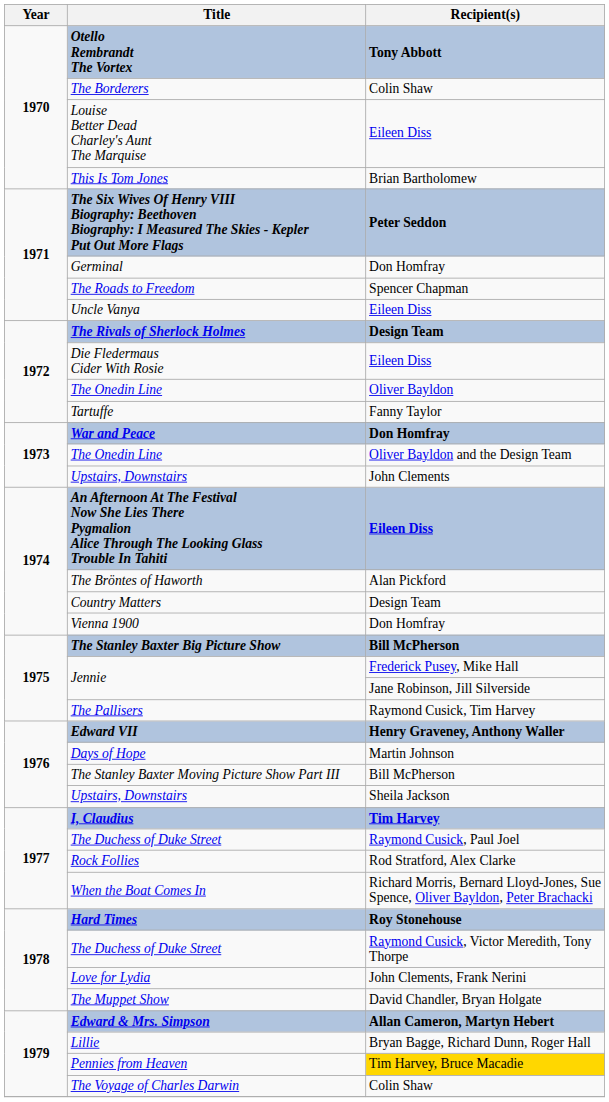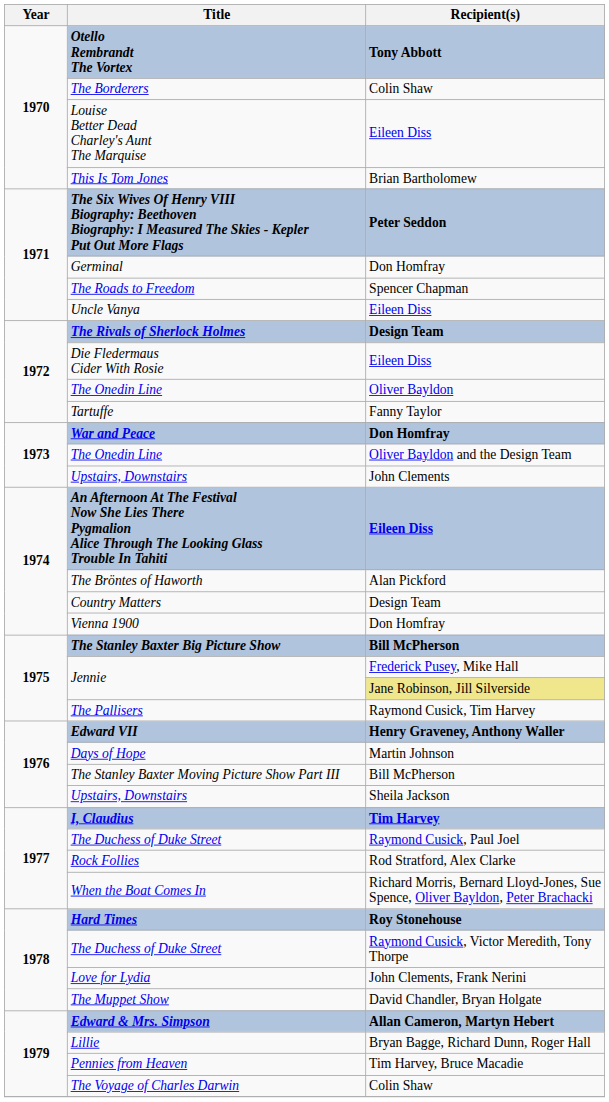 <table class="wikitable" width="80%">
 <tr>
 <th width=5%>Year</th>
 <th width=25%><strong>Title</strong></th>
 <th width=20%><strong>Recipient(s)</strong></th>
 </tr>
 <tr>
 <td rowspan="4" style="text-align:center;"><strong>1970</strong></td>
 <td style="background:#B0C4DE;"><strong><em>Otello<br>Rembrandt<br>The Vortex</em></strong></td>
 <td style="background:#B0C4DE;"><strong>Tony Abbott</strong></td>
 </tr>
 <tr>
 <td><em><a href='#'>The Borderers</a></em></td>
 <td>Colin Shaw</td>
 </tr>
 <tr>
 <td><em>Louise<br>Better Dead<br>Charley's Aunt<br>The Marquise</em></td>
 <td><a href='#'>Eileen Diss</a></td>
 </tr>
 <tr>
 <td><em><a href='#'>This Is Tom Jones</a></em></td>
 <td>Brian Bartholomew</td>
 </tr>
 <tr>
 <td rowspan="4" style="text-align:center;"><strong>1971</strong></td>
 <td style="background:#B0C4DE;"><strong><em>The Six Wives Of Henry VIII<br>Biography: Beethoven<br>Biography: I Measured The Skies - Kepler<br>Put Out More Flags</em></strong></td>
 <td style="background:#B0C4DE;"><strong>Peter Seddon</strong></td>
 </tr>
 <tr>
 <td><em>Germinal</em></td>
 <td>Don Homfray</td>
 </tr>
 <tr>
 <td><em><a href='#'>The Roads to Freedom</a></em></td>
 <td>Spencer Chapman</td>
 </tr>
 <tr>
 <td><em>Uncle Vanya</em></td>
 <td><a href='#'>Eileen Diss</a></td>
 </tr>
 <tr>
 <td rowspan="4" style="text-align:center;"><strong>1972</strong></td>
 <td style="background:#B0C4DE;"><strong><em><a href='#'>The Rivals of Sherlock Holmes</a></em></strong></td>
 <td style="background:#B0C4DE;"><strong>Design Team</strong></td>
 </tr>
 <tr>
 <td><em>Die Fledermaus<br>Cider With Rosie</em></td>
 <td><a href='#'>Eileen Diss</a></td>
 </tr>
 <tr>
 <td><em><a href='#'>The Onedin Line</a></em></td>
 <td><a href='#'>Oliver Bayldon</a></td>
 </tr>
 <tr>
 <td><em>Tartuffe</em></td>
 <td>Fanny Taylor</td>
 </tr>
 <tr>
 <td rowspan="3" style="text-align:center;"><strong>1973</strong></td>
 <td style="background:#B0C4DE;"><strong><em><a href='#'>War and Peace</a></em></strong></td>
 <td style="background:#B0C4DE;"><strong>Don Homfray</strong></td>
 </tr>
 <tr>
 <td><em><a href='#'>The Onedin Line</a></em></td>
 <td><a href='#'>Oliver Bayldon</a> and the Design Team</td>
 </tr>
 <tr>
 <td><em><a href='#'>Upstairs, Downstairs</a></em></td>
 <td>John Clements</td>
 </tr>
 <tr>
 <td rowspan="4" style="text-align:center;"><strong>1974</strong></td>
 <td style="background:#B0C4DE;"><strong><em>An Afternoon At The Festival<br>Now She Lies There<br>Pygmalion<br>Alice Through The Looking Glass<br>Trouble In Tahiti</em></strong></td>
 <td style="background:#B0C4DE;"><strong><a href='#'>Eileen Diss</a></strong></td>
 </tr>
 <tr>
 <td><em>The Bröntes of Haworth</em></td>
 <td>Alan Pickford</td>
 </tr>
 <tr>
 <td><em>Country Matters</em></td>
 <td>Design Team</td>
 </tr>
 <tr>
 <td><em>Vienna 1900</em></td>
 <td>Don Homfray</td>
 </tr>
 <tr>
 <td rowspan="4" style="text-align:center;"><strong>1975</strong></td>
 <td style="background:#B0C4DE;"><strong><em>The Stanley Baxter Big Picture Show</em></strong></td>
 <td style="background:#B0C4DE;"><strong>Bill McPherson</strong></td>
 </tr>
 <tr>
 <td rowspan="2"><em>Jennie</em></td>
 <td><a href='#'>Frederick Pusey</a>, Mike Hall</td>
 </tr>
 <tr>
-<td>Jane Robinson, Jill Silverside</td>
+<td style="background: khaki;">Jane Robinson, Jill Silverside</td>
 </tr>
 <tr>
 <td><em><a href='#'>The Pallisers</a></em></td>
 <td>Raymond Cusick, Tim Harvey</td>
 </tr>
 <tr>
 <td rowspan="4" style="text-align:center;"><strong>1976</strong></td>
 <td style="background:#B0C4DE;"><strong><em>Edward VII</em></strong></td>
 <td style="background:#B0C4DE;"><strong>Henry Graveney, Anthony Waller</strong></td>
 </tr>
 <tr>
 <td><em><a href='#'>Days of Hope</a></em></td>
 <td>Martin Johnson</td>
 </tr>
 <tr>
 <td><em>The Stanley Baxter Moving Picture Show Part III</em></td>
 <td>Bill McPherson</td>
 </tr>
 <tr>
 <td><em><a href='#'>Upstairs, Downstairs</a></em></td>
 <td>Sheila Jackson</td>
 </tr>
 <tr>
 <td rowspan="4" style="text-align:center;"><strong>1977</strong></td>
 <td style="background:#B0C4DE;"><strong><em><a href='#'>I, Claudius</a></em></strong></td>
 <td style="background:#B0C4DE;"><strong><a href='#'>Tim Harvey</a></strong></td>
 </tr>
 <tr>
 <td><em><a href='#'>The Duchess of Duke Street</a></em></td>
 <td><a href='#'>Raymond Cusick</a>, Paul Joel</td>
 </tr>
 <tr>
 <td><em><a href='#'>Rock Follies</a></em></td>
 <td>Rod Stratford, Alex Clarke</td>
 </tr>
 <tr>
 <td><em><a href='#'>When the Boat Comes In</a></em></td>
 <td>Richard Morris, Bernard Lloyd-Jones, Sue Spence, <a href='#'>Oliver Bayldon</a>, <a href='#'>Peter Brachacki</a></td>
 </tr>
 <tr>
 <td rowspan="4" style="text-align:center;"><strong>1978</strong></td>
 <td style="background:#B0C4DE;"><strong><em><a href='#'>Hard Times</a></em></strong></td>
 <td style="background:#B0C4DE;"><strong>Roy Stonehouse</strong></td>
 </tr>
 <tr>
 <td><em><a href='#'>The Duchess of Duke Street</a></em></td>
 <td><a href='#'>Raymond Cusick</a>, Victor Meredith, Tony Thorpe</td>
 </tr>
 <tr>
 <td><em><a href='#'>Love for Lydia</a></em></td>
 <td>John Clements, Frank Nerini</td>
 </tr>
 <tr>
 <td><em><a href='#'>The Muppet Show</a></em></td>
 <td>David Chandler, Bryan Holgate</td>
 </tr>
 <tr>
 <td rowspan="4" style="text-align:center;"><strong>1979</strong></td>
 <td style="background:#B0C4DE;"><strong><em><a href='#'>Edward & Mrs. Simpson</a></em></strong></td>
 <td style="background:#B0C4DE;"><strong>Allan Cameron, Martyn Hebert</strong></td>
 </tr>
 <tr>
 <td><em><a href='#'>Lillie</a></em></td>
 <td>Bryan Bagge, Richard Dunn, Roger Hall</td>
 </tr>
 <tr>
 <td><em><a href='#'>Pennies from Heaven</a></em></td>
-<td style="background: gold;">Tim Harvey, Bruce Macadie</td>
+<td>Tim Harvey, Bruce Macadie</td>
 </tr>
 <tr>
 <td><em><a href='#'>The Voyage of Charles Darwin</a></em></td>
 <td>Colin Shaw</td>
 </tr>
 <tr>
 </tr>
 </table>
